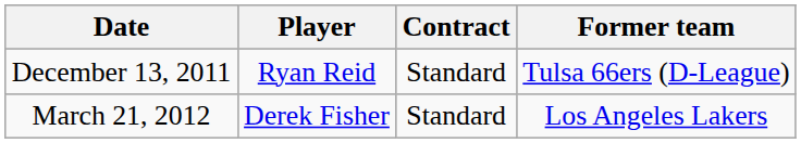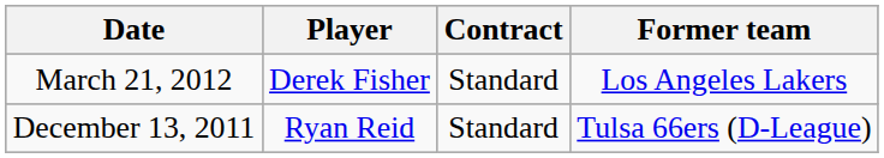 <table class="wikitable sortable sortable" style="text-align: center">
 <tr>
 <th>Date</th>
 <th>Player</th>
 <th>Contract</th>
 <th>Former team</th>
 </tr>
 <tr style="text-align: center">
+<td>March 21, 2012</td>
+<td><a href='#'>Derek Fisher</a></td>
+<td>Standard</td>
+<td><a href='#'>Los Angeles Lakers</a></td>
+</tr>
+<tr style="text-align: center">
 <td>December 13, 2011</td>
 <td><a href='#'>Ryan Reid</a></td>
 <td>Standard</td>
 <td><a href='#'>Tulsa 66ers</a> (<a href='#'>D-League</a>)</td>
 </tr>
-<tr style="text-align: center">
-<td>March 21, 2012</td>
-<td><a href='#'>Derek Fisher</a></td>
-<td>Standard</td>
-<td><a href='#'>Los Angeles Lakers</a></td>
-</tr>
 </table>
